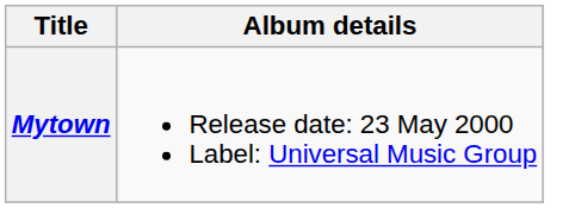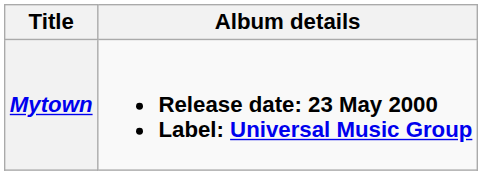 <table class="wikitable plainrowheaders">
 <tr>
 <th scope="col">Title</th>
 <th scope="col">Album details</th>
 </tr>
 <tr>
 <th scope="row"><em><a href='#'>Mytown</a></em></th>
-<td><br><ul><li>Release date: 23 May 2000</li><li>Label: <a href='#'>Universal Music Group</a></li></ul></td>
+<td><strong><br><ul><li>Release date: 23 May 2000</li><li>Label: <a href='#'>Universal Music Group</a></li></ul></strong></td>
 </tr>
 </table>
